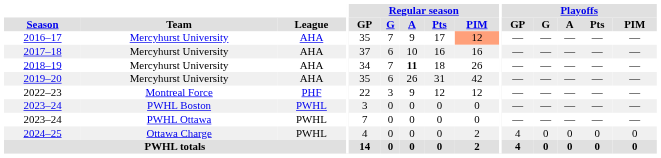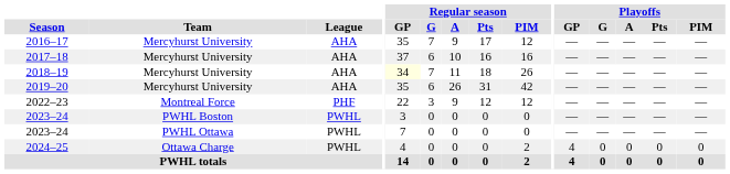 <table border="0" cellpadding="1" cellspacing="0" style="text-align:center; width:60em">
 <tr bgcolor="#e0e0e0">
 <th colspan="3" bgcolor="#ffffff"></th>
 <th rowspan="97" bgcolor="#ffffff"></th>
 <th colspan="5"><a href='#'>Regular season</a></th>
 <th rowspan="97" bgcolor="#ffffff"></th>
 <th colspan="5"><a href='#'>Playoffs</a></th>
 </tr>
 <tr bgcolor="#e0e0e0">
 <th><a href='#'>Season</a></th>
 <th>Team</th>
 <th>League</th>
 <th>GP</th>
 <th><a href='#'>G</a></th>
 <th><a href='#'>A</a></th>
 <th><a href='#'>Pts</a></th>
 <th><a href='#'>PIM</a></th>
 <th>GP</th>
 <th>G</th>
 <th>A</th>
 <th>Pts</th>
 <th>PIM</th>
 </tr>
 <tr>
 <td><a href='#'>2016–17</a></td>
 <td><a href='#'>Mercyhurst University</a></td>
 <td><a href='#'>AHA</a></td>
 <td>35</td>
 <td>7</td>
 <td>9</td>
 <td>17</td>
-<td style="background: lightsalmon;">12</td>
+<td>12</td>
 <td>—</td>
 <td>—</td>
 <td>—</td>
 <td>—</td>
 <td>—</td>
 </tr>
 <tr bgcolor="#f0f0f0">
 <td><a href='#'>2017–18</a></td>
 <td>Mercyhurst University</td>
 <td>AHA</td>
 <td>37</td>
 <td>6</td>
 <td>10</td>
 <td>16</td>
 <td>16</td>
 <td>—</td>
 <td>—</td>
 <td>—</td>
 <td>—</td>
 <td>—</td>
 </tr>
 <tr>
 <td><a href='#'>2018–19</a></td>
 <td>Mercyhurst University</td>
 <td>AHA</td>
-<td>34</td>
+<td style="background: lightyellow;">34</td>
 <td>7</td>
-<td><strong>11</strong></td>
+<td>11</td>
 <td>18</td>
 <td>26</td>
 <td>—</td>
 <td>—</td>
 <td>—</td>
 <td>—</td>
 <td>—</td>
 </tr>
 <tr bgcolor="#f0f0f0">
 <td><a href='#'>2019–20</a></td>
 <td>Mercyhurst University</td>
 <td>AHA</td>
 <td>35</td>
 <td>6</td>
 <td>26</td>
 <td>31</td>
 <td>42</td>
 <td>—</td>
 <td>—</td>
 <td>—</td>
 <td>—</td>
 <td>—</td>
 </tr>
 <tr>
 <td>2022–23</td>
 <td><a href='#'>Montreal Force</a></td>
 <td><a href='#'>PHF</a></td>
 <td>22</td>
 <td>3</td>
 <td>9</td>
 <td>12</td>
 <td>12</td>
 <td>—</td>
 <td>—</td>
 <td>—</td>
 <td>—</td>
 <td>—</td>
 </tr>
 <tr bgcolor="#f0f0f0">
 <td><a href='#'>2023–24</a></td>
 <td><a href='#'>PWHL Boston</a></td>
 <td><a href='#'>PWHL</a></td>
 <td>3</td>
 <td>0</td>
 <td>0</td>
 <td>0</td>
 <td>0</td>
 <td>—</td>
 <td>—</td>
 <td>—</td>
 <td>—</td>
 <td>—</td>
 </tr>
 <tr>
 <td>2023–24</td>
 <td><a href='#'>PWHL Ottawa</a></td>
 <td>PWHL</td>
 <td>7</td>
 <td>0</td>
 <td>0</td>
 <td>0</td>
 <td>0</td>
 <td>—</td>
 <td>—</td>
 <td>—</td>
 <td>—</td>
 <td>—</td>
 </tr>
 <tr bgcolor="#f0f0f0">
 <td><a href='#'>2024–25</a></td>
 <td><a href='#'>Ottawa Charge</a></td>
 <td>PWHL</td>
 <td>4</td>
 <td>0</td>
 <td>0</td>
 <td>0</td>
 <td>2</td>
 <td>4</td>
 <td>0</td>
 <td>0</td>
 <td>0</td>
 <td>0</td>
 </tr>
 <tr bgcolor="#e0e0e0">
 <th colspan="3">PWHL totals</th>
 <th>14</th>
 <th>0</th>
 <th>0</th>
 <th>0</th>
 <th>2</th>
 <th>4</th>
 <th>0</th>
 <th>0</th>
 <th>0</th>
 <th>0</th>
 </tr>
 </table>
